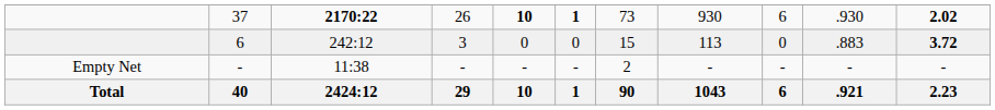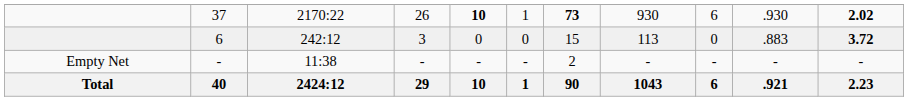 <table class="wikitable sortable" width ="1000">
 <tr align="center">
 </tr>
 <tr align="center" bgcolor="">
 <td></td>
 <td>37</td>
-<td><strong>2170:22</strong></td>
+<td>2170:22</td>
 <td>26</td>
 <td><strong>10</strong></td>
-<td><strong>1</strong></td>
-<td>73</td>
+<td>1</td>
+<td><strong>73</strong></td>
 <td>930</td>
 <td>6</td>
 <td>.930</td>
 <td><strong>2.02</strong></td>
 </tr>
 <tr align="center" bgcolor="f0f0f0">
 <td></td>
 <td>6</td>
 <td>242:12</td>
 <td>3</td>
 <td>0</td>
 <td>0</td>
 <td>15</td>
 <td>113</td>
 <td>0</td>
 <td>.883</td>
 <td><strong>3.72</strong></td>
 </tr>
 <tr align="center" bgcolor="">
 <td>Empty Net</td>
 <td>-</td>
 <td>11:38</td>
 <td>-</td>
 <td>-</td>
 <td>-</td>
 <td>2</td>
 <td>-</td>
 <td>-</td>
 <td>-</td>
 <td>-</td>
 </tr>
 <tr>
 <th>Total</th>
 <th>40</th>
 <th>2424:12</th>
 <th>29</th>
 <th>10</th>
 <th>1</th>
 <th>90</th>
 <th>1043</th>
 <th>6</th>
 <th>.921</th>
 <th>2.23</th>
 </tr>
 </table>
